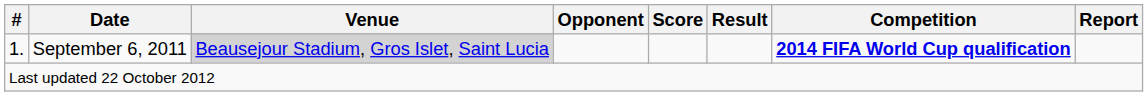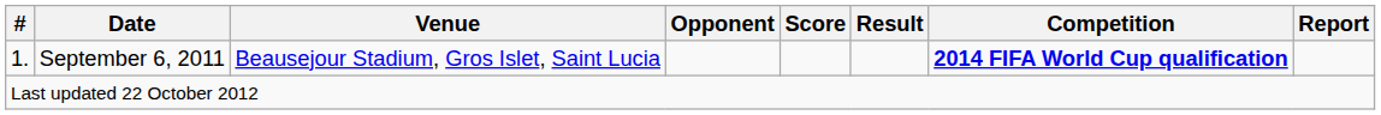 <table class="wikitable" style="font-size:90%">
 <tr>
 <th>#</th>
 <th>Date</th>
 <th>Venue</th>
 <th>Opponent</th>
 <th>Score</th>
 <th>Result</th>
 <th>Competition</th>
 <th>Report</th>
 </tr>
 <tr>
 <td>1.</td>
 <td>September 6, 2011</td>
-<td style="background: lightgrey;"><a href='#'>Beausejour Stadium</a>, <a href='#'>Gros Islet</a>, <a href='#'>Saint Lucia</a></td>
+<td><a href='#'>Beausejour Stadium</a>, <a href='#'>Gros Islet</a>, <a href='#'>Saint Lucia</a></td>
 <td></td>
 <td></td>
 <td></td>
 <td><strong><a href='#'>2014 FIFA World Cup qualification</a></strong></td>
 <td></td>
 </tr>
 <tr>
 <td colspan="12"><small>Last updated 22 October 2012</small></td>
 </tr>
 </table>
